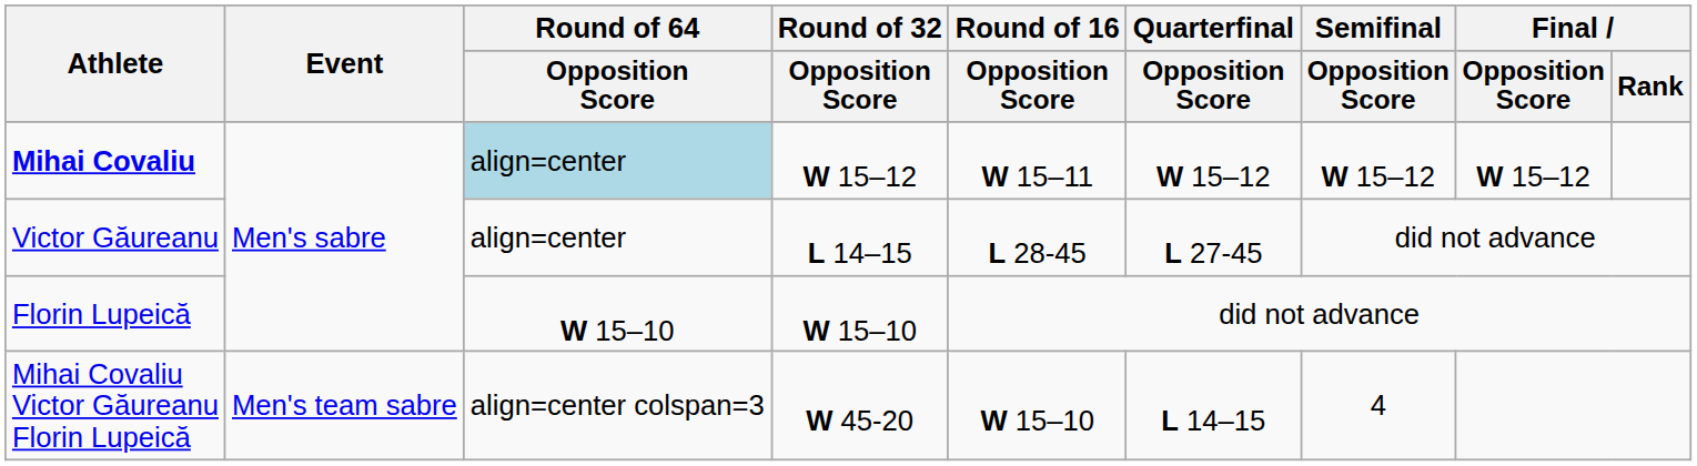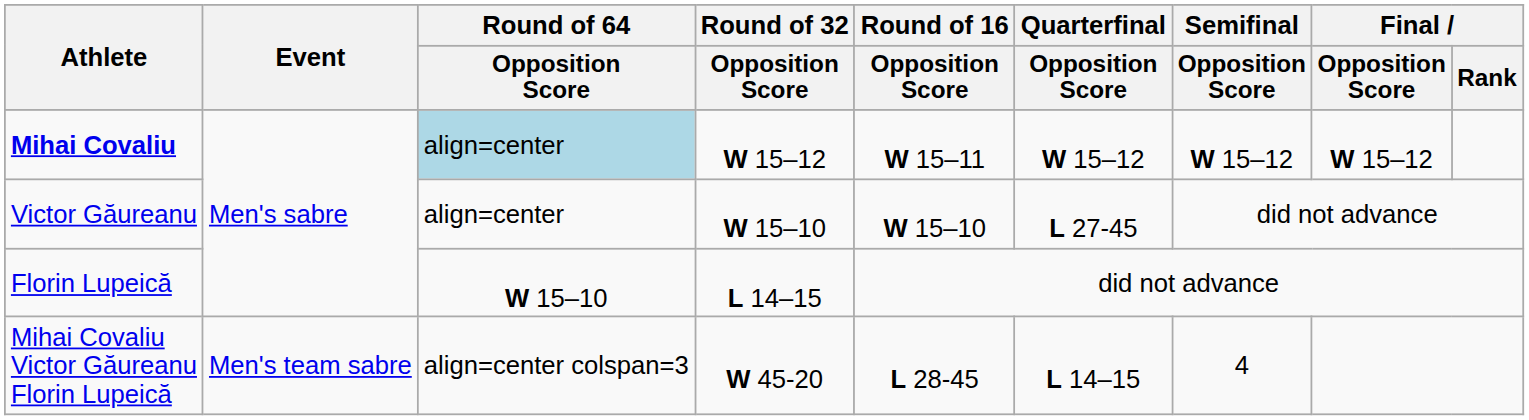 <table class="wikitable" style="font-size:90%">
 <tr>
 <th rowspan="2">Athlete</th>
 <th rowspan="2">Event</th>
 <th>Round of 64</th>
 <th>Round of 32</th>
 <th>Round of 16</th>
 <th>Quarterfinal</th>
 <th>Semifinal</th>
 <th colspan=2>Final / </th>
 </tr>
 <tr style="font-size:95%">
 <th>Opposition <br> Score</th>
 <th>Opposition <br> Score</th>
 <th>Opposition <br> Score</th>
 <th>Opposition <br> Score</th>
 <th>Opposition <br> Score</th>
 <th>Opposition <br> Score</th>
 <th>Rank</th>
 </tr>
 <tr>
 <td align=left><strong><a href='#'>Mihai Covaliu</a></strong></td>
 <td align=left rowspan=3><a href='#'>Men's sabre</a></td>
 <td style="background: lightblue;">align=center </td>
 <td align=center><br><strong>W</strong> 15–12</td>
 <td align=center><br><strong>W</strong> 15–11</td>
 <td align=center><br><strong>W</strong> 15–12</td>
 <td align=center><br><strong>W</strong> 15–12</td>
 <td align=center><br><strong>W</strong> 15–12</td>
 <td align=center></td>
 </tr>
 <tr>
 <td align=left><a href='#'>Victor Găureanu</a></td>
 <td>align=center </td>
-<td align=center><br><strong>L</strong> 14–15</td>
-<td align=center><br><strong>L</strong> 28-45</td>
+<td align=center><br><strong>W</strong> 15–10</td>
+<td align=center><br><strong>W</strong> 15–10</td>
 <td align=center><br><strong>L</strong> 27-45</td>
 <td align=center colspan=3>did not advance</td>
 </tr>
 <tr>
 <td align=left><a href='#'>Florin Lupeică</a></td>
 <td align=center><br><strong>W</strong> 15–10</td>
-<td align=center><br><strong>W</strong> 15–10</td>
+<td align=center><br><strong>L</strong> 14–15</td>
 <td align=center colspan=5>did not advance</td>
 </tr>
 <tr>
 <td align=left><a href='#'>Mihai Covaliu</a><br><a href='#'>Victor Găureanu</a><br><a href='#'>Florin Lupeică</a></td>
 <td align=left><a href='#'>Men's team sabre</a></td>
 <td>align=center colspan=3 </td>
 <td align=center><br><strong>W</strong> 45-20</td>
-<td align=center><br><strong>W</strong> 15–10</td>
+<td align=center><br><strong>L</strong> 28-45</td>
 <td align=center><br><strong>L</strong> 14–15</td>
 <td align=center>4</td>
 </tr>
 </table>
